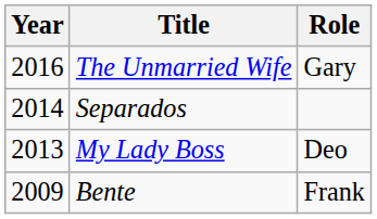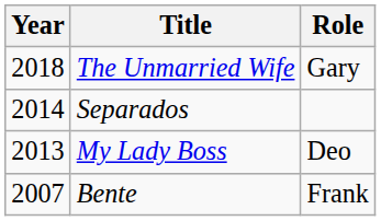 <table class="wikitable" style="font-size: 100%">
 <tr>
 <th>Year</th>
 <th>Title</th>
 <th>Role</th>
 </tr>
 <tr>
-<td>2016</td>
+<td>2018</td>
 <td><em><a href='#'>The Unmarried Wife</a></em></td>
 <td>Gary</td>
 </tr>
 <tr>
 <td>2014</td>
 <td><em>Separados</em></td>
 <td></td>
 </tr>
 <tr>
 <td>2013</td>
 <td><em><a href='#'>My Lady Boss</a></em></td>
 <td>Deo</td>
 </tr>
 <tr>
-<td>2009</td>
+<td>2007</td>
 <td><em>Bente</em></td>
 <td>Frank</td>
 </tr>
 </table>
